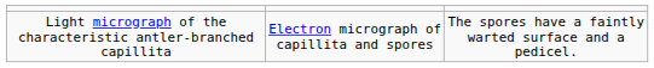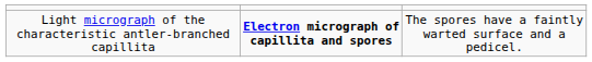 <table class="wikitable" style="width:640px; margin: 1em auto; text-align: center;">
 <tr>
 <td></td>
 <td></td>
 <td></td>
 </tr>
 <tr>
 <td>Light <a href='#'>micrograph</a> of the characteristic antler-branched capillita</td>
-<td><a href='#'>Electron</a> micrograph of capillita and spores</td>
+<td><strong><a href='#'>Electron</a> micrograph of capillita and spores</strong></td>
 <td>The spores have a faintly warted surface and a pedicel.</td>
 </tr>
 </table>
